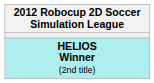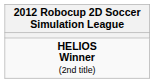 <table class="wikitable" style="margin: 0 auto; width: 220px;">
 <tr>
 <th>2012 Robocup 2D Soccer Simulation League</th>
 </tr>
 <tr>
 <th></th>
 </tr>
 <tr>
-<td align="center" style="background: paleturquoise;"><strong>HELIOS</strong><br><strong>Winner</strong><br><small>(2nd title)</small></td>
+<td align="center"><strong>HELIOS</strong><br><strong>Winner</strong><br><small>(2nd title)</small></td>
 </tr>
 </table>
